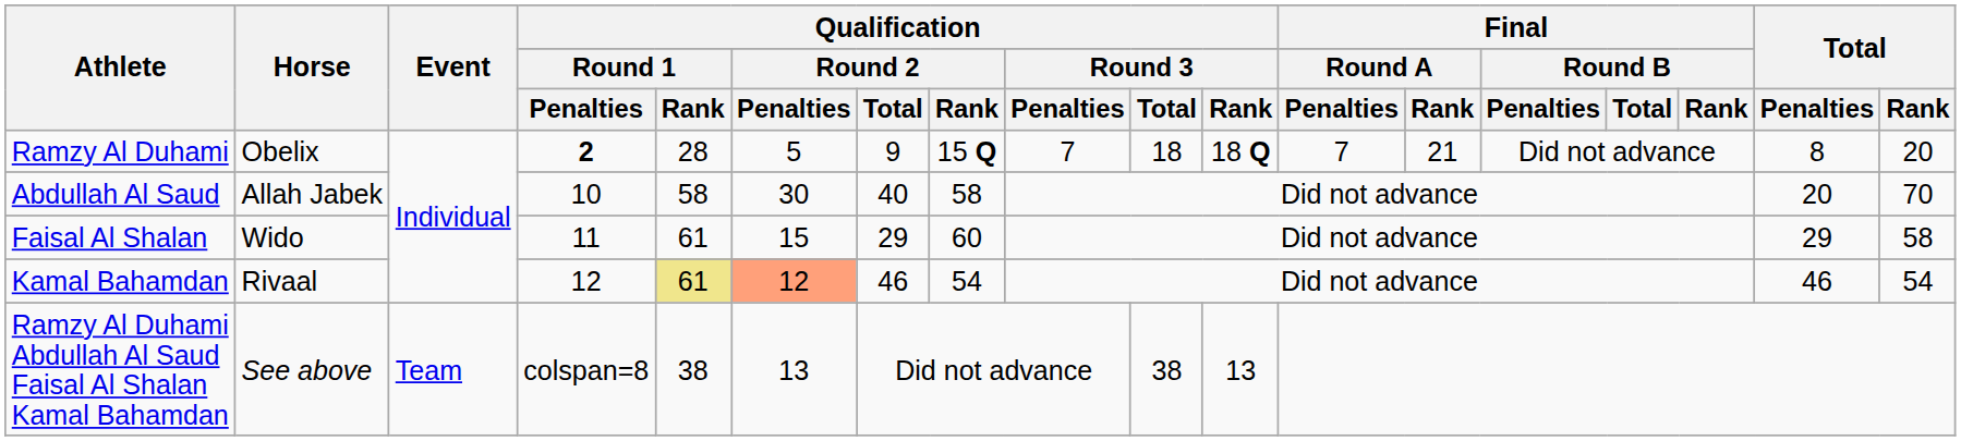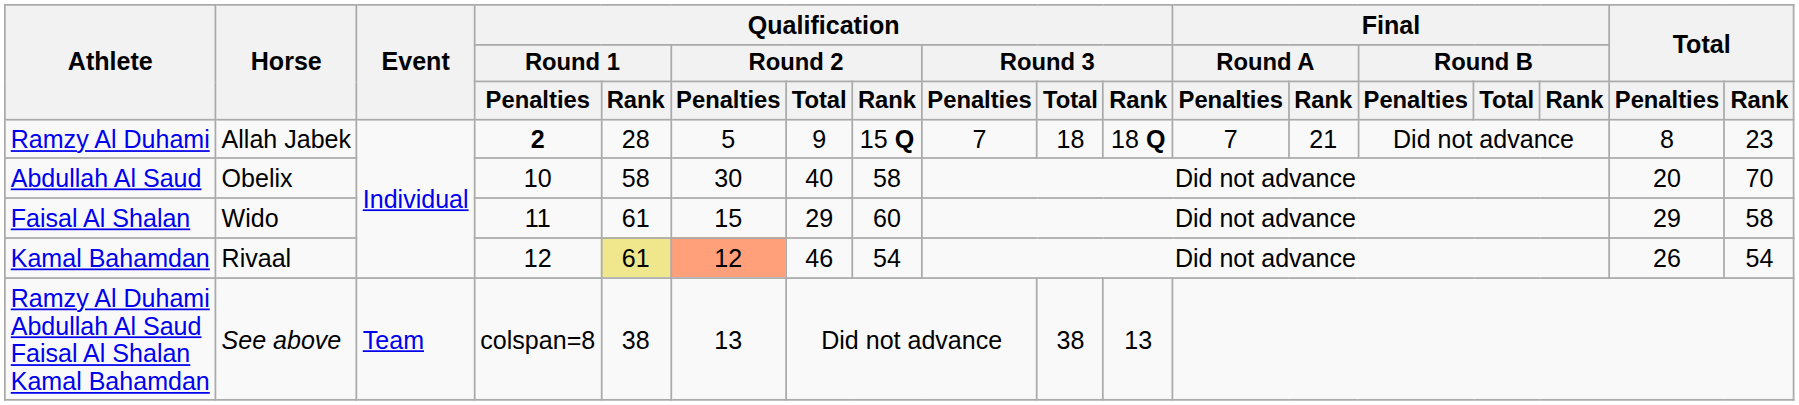 <table class="wikitable" style="font-size:90%">
 <tr>
 <th rowspan="3">Athlete</th>
 <th rowspan="3">Horse</th>
 <th rowspan="3">Event</th>
 <th colspan="8">Qualification</th>
 <th colspan="5">Final</th>
 <th rowspan=2 colspan="2">Total</th>
 </tr>
 <tr style="font-size:95%">
 <th colspan="2">Round 1</th>
 <th colspan="3">Round 2</th>
 <th colspan="3">Round 3</th>
 <th colspan="2">Round A</th>
 <th colspan="3">Round B</th>
 </tr>
 <tr style="font-size:95%">
 <th>Penalties</th>
 <th>Rank</th>
 <th>Penalties</th>
 <th>Total</th>
 <th>Rank</th>
 <th>Penalties</th>
 <th>Total</th>
 <th>Rank</th>
 <th>Penalties</th>
 <th>Rank</th>
 <th>Penalties</th>
 <th>Total</th>
 <th>Rank</th>
 <th>Penalties</th>
 <th>Rank</th>
 </tr>
 <tr align=center>
 <td align=left><a href='#'>Ramzy Al Duhami</a></td>
-<td align=left>Obelix</td>
+<td align=left>Allah Jabek</td>
 <td align=left rowspan=4><a href='#'>Individual</a></td>
 <td><strong>2</strong></td>
 <td>28</td>
 <td>5</td>
 <td>9</td>
 <td>15 <strong>Q</strong></td>
 <td>7</td>
 <td>18</td>
 <td>18 <strong>Q</strong></td>
 <td>7</td>
 <td>21</td>
 <td colspan=3>Did not advance</td>
 <td>8</td>
-<td>20</td>
+<td>23</td>
 </tr>
 <tr align=center>
 <td align=left><a href='#'>Abdullah Al Saud</a></td>
-<td align=left>Allah Jabek</td>
+<td align=left>Obelix</td>
 <td>10</td>
 <td>58</td>
 <td>30</td>
 <td>40</td>
 <td>58</td>
 <td colspan=8>Did not advance</td>
 <td>20</td>
 <td>70</td>
 </tr>
 <tr align=center>
 <td align=left><a href='#'>Faisal Al Shalan</a></td>
 <td align=left>Wido</td>
 <td>11</td>
 <td>61</td>
 <td>15</td>
 <td>29</td>
 <td>60</td>
 <td colspan=8>Did not advance</td>
 <td>29</td>
 <td>58</td>
 </tr>
 <tr align=center>
 <td align=left><a href='#'>Kamal Bahamdan</a></td>
 <td align=left>Rivaal</td>
 <td>12</td>
 <td style="background: khaki;">61</td>
 <td style="background: lightsalmon;">12</td>
 <td>46</td>
 <td>54</td>
 <td colspan=8>Did not advance</td>
-<td>46</td>
+<td>26</td>
 <td>54</td>
 </tr>
 <tr align=center>
 <td align=left><a href='#'>Ramzy Al Duhami</a><br><a href='#'>Abdullah Al Saud</a><br><a href='#'>Faisal Al Shalan</a><br><a href='#'>Kamal Bahamdan</a></td>
 <td align=left><em>See above</em></td>
 <td align=left><a href='#'>Team</a></td>
 <td>colspan=8 </td>
 <td>38</td>
 <td>13</td>
 <td colspan=3>Did not advance</td>
 <td>38</td>
 <td>13</td>
 </tr>
 </table>
